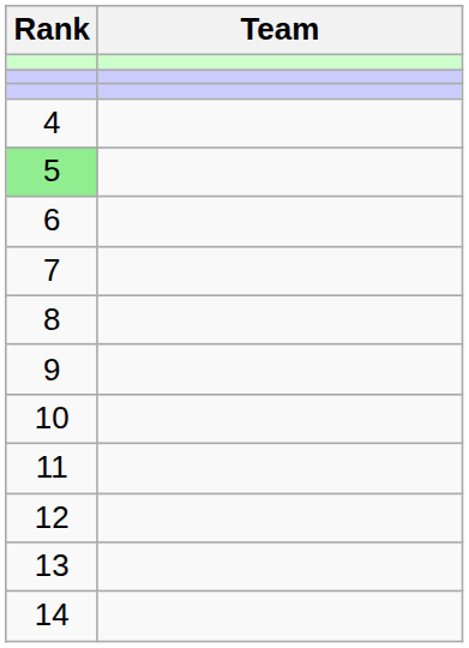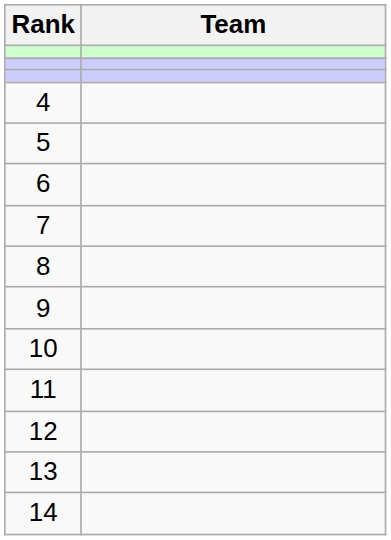 <table class="wikitable" style="text-align: left;">
 <tr>
 <th width=40>Rank</th>
 <th width=180>Team</th>
 </tr>
 <tr bgcolor=ccffcc>
 <td align=center></td>
 <td></td>
 </tr>
 <tr bgcolor=ccccff>
 <td align=center></td>
 <td></td>
 </tr>
 <tr bgcolor=ccccff>
 <td align=center></td>
 <td></td>
 </tr>
 <tr>
 <td align=center>4</td>
 <td></td>
 </tr>
 <tr>
-<td align=center style="background: lightgreen;">5</td>
+<td align=center>5</td>
 <td></td>
 </tr>
 <tr>
 <td align=center>6</td>
 <td></td>
 </tr>
 <tr>
 <td align=center>7</td>
 <td></td>
 </tr>
 <tr>
 <td align=center>8</td>
 <td></td>
 </tr>
 <tr>
 <td align=center>9</td>
 <td></td>
 </tr>
 <tr>
 <td align=center>10</td>
 <td></td>
 </tr>
 <tr>
 <td align=center>11</td>
 <td></td>
 </tr>
 <tr>
 <td align=center>12</td>
 <td></td>
 </tr>
 <tr>
 <td align=center>13</td>
 <td></td>
 </tr>
 <tr>
 <td align=center>14</td>
 <td></td>
 </tr>
 </table>
